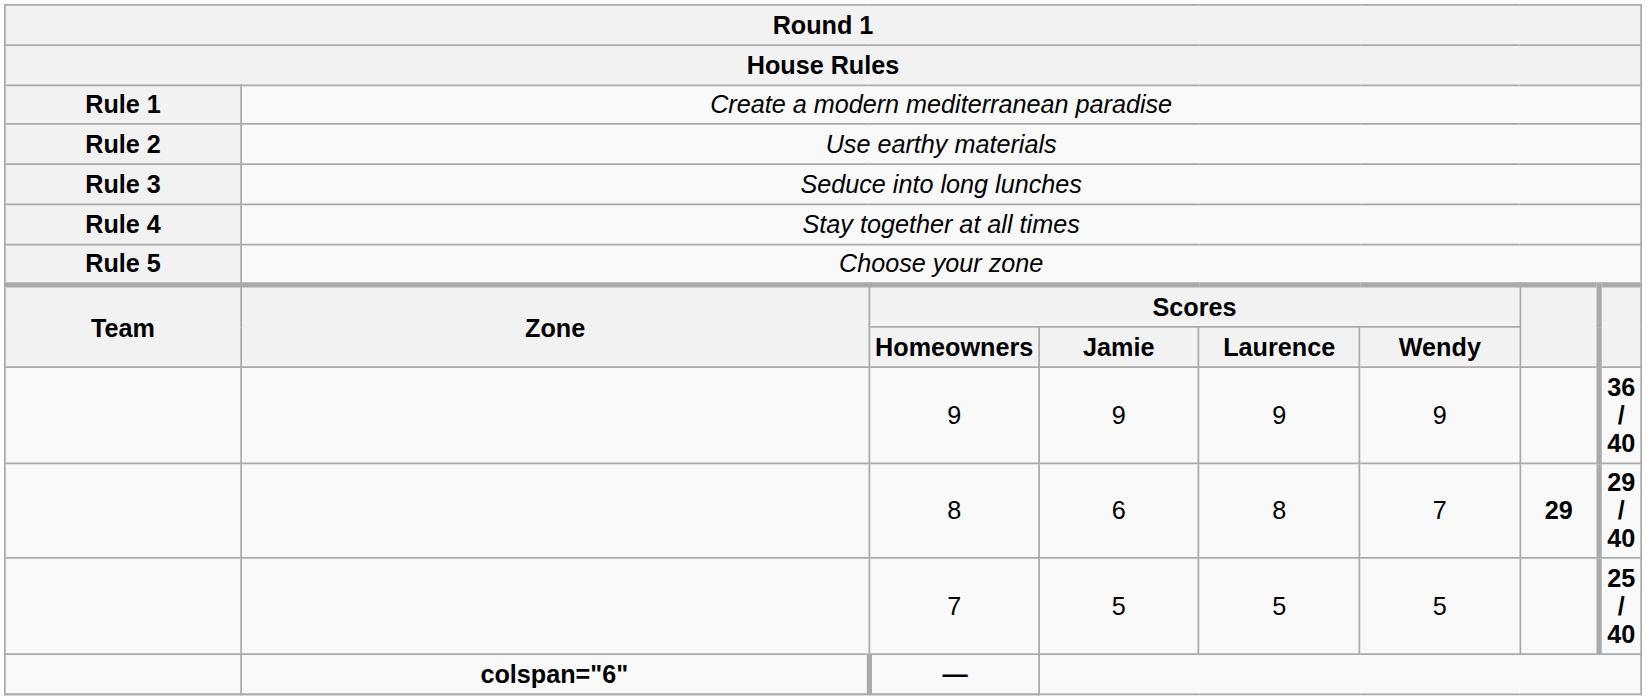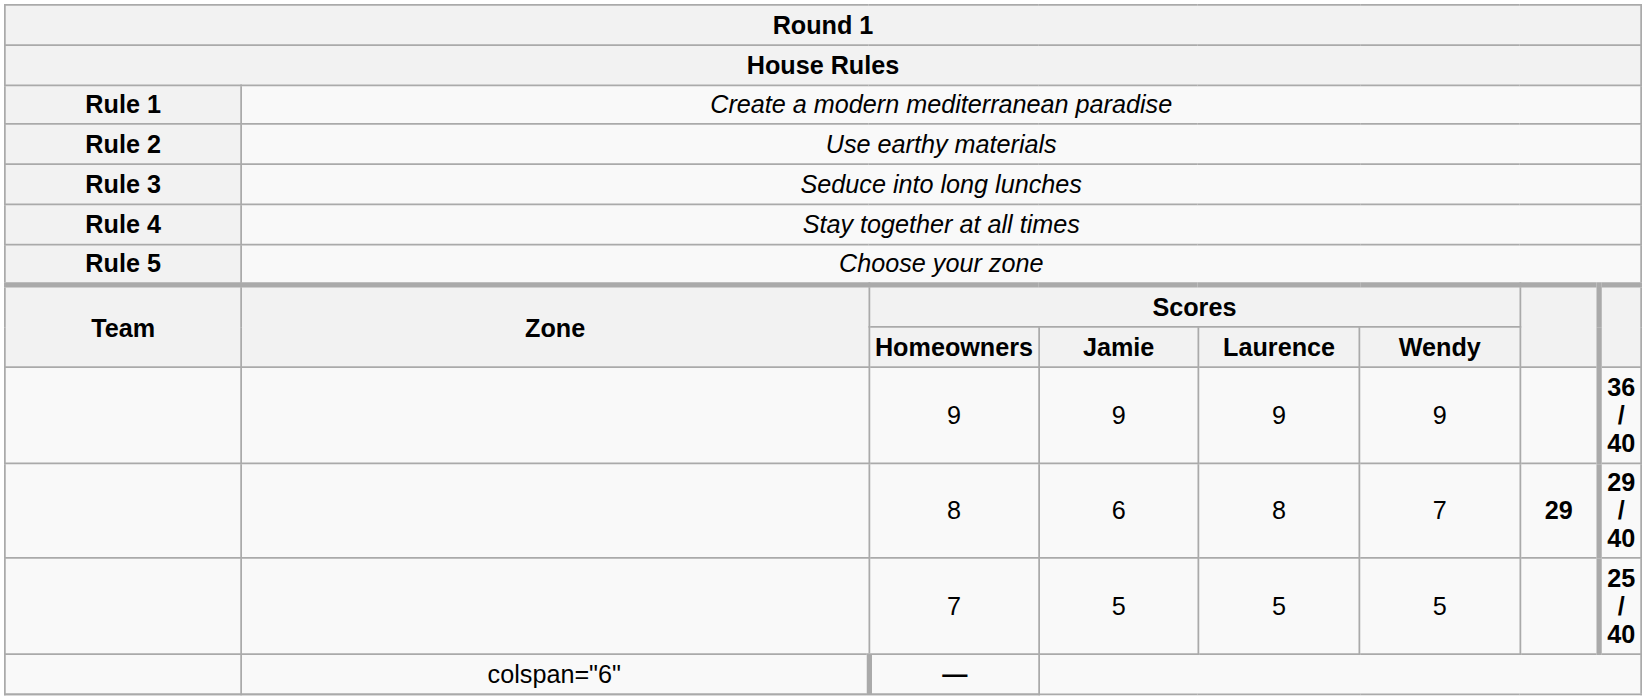 <table class="wikitable plainrowheaders" style="text-align:center; font-size:90%; width:65em;">
 <tr>
 <th colspan="8" >Round 1</th>
 </tr>
 <tr>
 <th colspan=8 style="width:15%;">House Rules</th>
 </tr>
 <tr>
 <th>Rule 1</th>
 <td colspan="8"><em>Create a modern mediterranean paradise</em></td>
 </tr>
 <tr>
 <th>Rule 2</th>
 <td colspan="8"><em>Use earthy materials</em></td>
 </tr>
 <tr>
 <th>Rule 3</th>
 <td colspan="8"><em>Seduce into long lunches</em></td>
 </tr>
 <tr>
 <th>Rule 4</th>
 <td colspan="8"><em>Stay together at all times</em></td>
 </tr>
 <tr>
 <th>Rule 5</th>
 <td colspan="8"><em>Choose your zone</em></td>
 </tr>
 <tr style="border-top:3px solid #aaa;">
 <th rowspan="2">Team</th>
 <th rowspan="2" style="width:40%;">Zone</th>
 <th colspan="4" style="width:30%;">Scores</th>
 <th rowspan="2" style="width:15%;"></th>
 <th rowspan="2" style="width:15%; border-left:3px solid #aaa;"></th>
 </tr>
 <tr>
 <th style="width:10%;">Homeowners</th>
 <th style="width:10%;">Jamie</th>
 <th style="width:10%;">Laurence</th>
 <th style="width:10%;">Wendy</th>
 </tr>
 <tr>
 <td style="width:15%;"></td>
 <td></td>
 <td>9</td>
 <td>9</td>
 <td>9</td>
 <td>9</td>
 <td></td>
 <td style="border-left:3px solid #aaa;"><strong>36 / 40</strong></td>
 </tr>
 <tr>
 <td style="width:15%;"></td>
 <td></td>
 <td>8</td>
 <td>6</td>
 <td>8</td>
 <td>7</td>
 <td><strong>29</strong></td>
 <td style="border-left:3px solid #aaa;"><strong>29 / 40</strong></td>
 </tr>
 <tr>
 <td style="width:15%;"></td>
 <td></td>
 <td>7</td>
 <td>5</td>
 <td>5</td>
 <td>5</td>
 <td></td>
 <td style="border-left:3px solid #aaa;"><strong>25 / 40</strong></td>
 </tr>
 <tr>
 <td style="width:15%;"></td>
-<td><strong>colspan="6" </strong></td>
+<td>colspan="6" </td>
 <td style="border-left:3px solid #aaa;"><strong>—</strong></td>
 </tr>
 <tr>
 </tr>
 </table>
